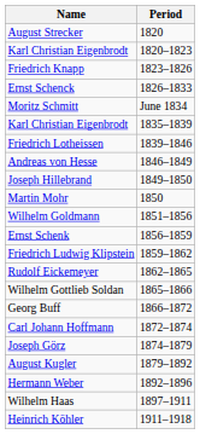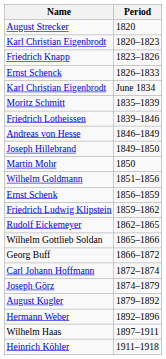 <table class="wikitable">
 <tr>
 <th>Name</th>
 <th>Period</th>
 </tr>
 <tr>
 <td><a href='#'>August Strecker</a></td>
 <td>1820</td>
 </tr>
 <tr>
 <td><a href='#'>Karl Christian Eigenbrodt</a></td>
 <td>1820–1823</td>
 </tr>
 <tr>
 <td><a href='#'>Friedrich Knapp</a></td>
 <td>1823–1826</td>
 </tr>
 <tr>
 <td><a href='#'>Ernst Schenck</a></td>
 <td>1826–1833</td>
 </tr>
 <tr>
-<td><a href='#'>Moritz Schmitt</a></td>
+<td><a href='#'>Karl Christian Eigenbrodt</a></td>
 <td>June 1834</td>
 </tr>
 <tr>
-<td><a href='#'>Karl Christian Eigenbrodt</a></td>
+<td><a href='#'>Moritz Schmitt</a></td>
 <td>1835–1839</td>
 </tr>
 <tr>
 <td><a href='#'>Friedrich Lotheissen</a></td>
 <td>1839–1846</td>
 </tr>
 <tr>
 <td><a href='#'>Andreas von Hesse</a></td>
 <td>1846–1849</td>
 </tr>
 <tr>
 <td><a href='#'>Joseph Hillebrand</a></td>
 <td>1849–1850</td>
 </tr>
 <tr>
 <td><a href='#'>Martin Mohr</a></td>
 <td>1850</td>
 </tr>
 <tr>
 <td><a href='#'>Wilhelm Goldmann</a></td>
 <td>1851–1856</td>
 </tr>
 <tr>
 <td><a href='#'>Ernst Schenk</a></td>
 <td>1856–1859</td>
 </tr>
 <tr>
 <td><a href='#'>Friedrich Ludwig Klipstein</a></td>
 <td>1859–1862</td>
 </tr>
 <tr>
 <td><a href='#'>Rudolf Eickemeyer</a></td>
 <td>1862–1865</td>
 </tr>
 <tr>
 <td>Wilhelm Gottlieb Soldan</td>
 <td>1865–1866</td>
 </tr>
 <tr>
 <td>Georg Buff</td>
 <td>1866–1872</td>
 </tr>
 <tr>
 <td><a href='#'>Carl Johann Hoffmann</a></td>
 <td>1872–1874</td>
 </tr>
 <tr>
 <td><a href='#'>Joseph Görz</a></td>
 <td>1874–1879</td>
 </tr>
 <tr>
 <td><a href='#'>August Kugler</a></td>
 <td>1879–1892</td>
 </tr>
 <tr>
 <td><a href='#'>Hermann Weber</a></td>
 <td>1892–1896</td>
 </tr>
 <tr>
 <td>Wilhelm Haas</td>
 <td>1897–1911</td>
 </tr>
 <tr>
 <td><a href='#'>Heinrich Köhler</a></td>
 <td>1911–1918</td>
 </tr>
 </table>
